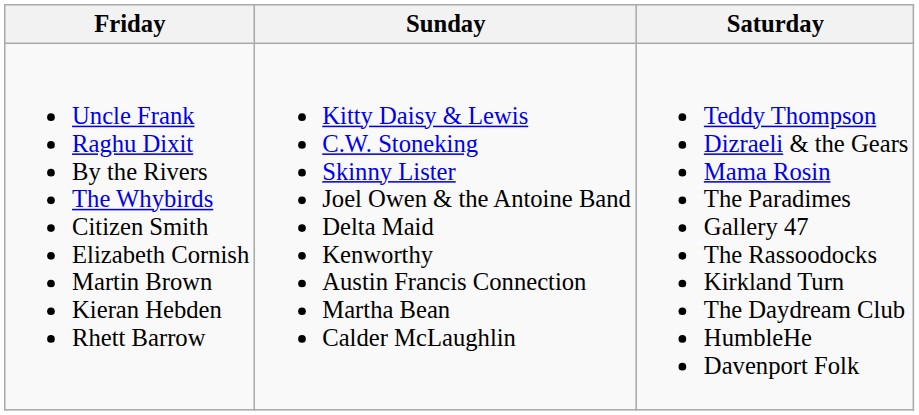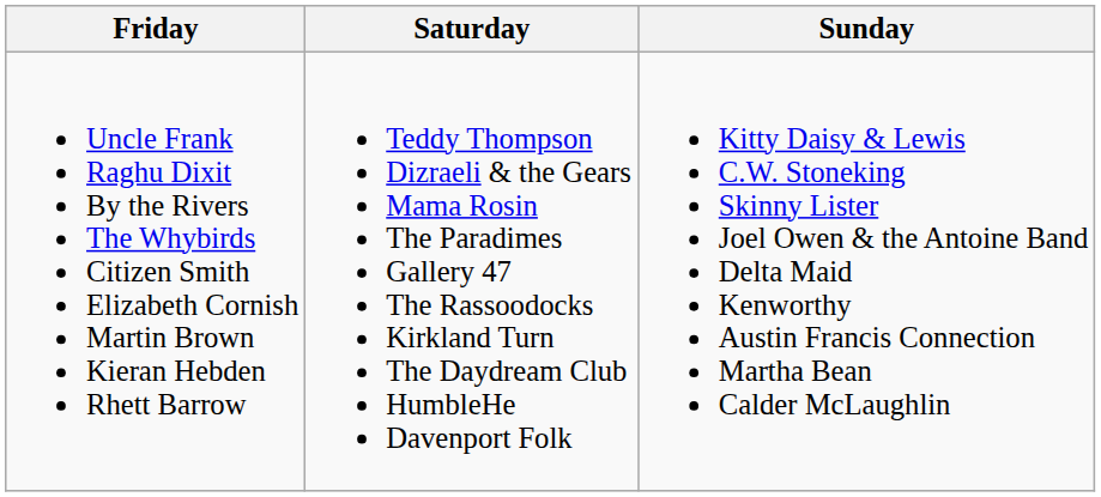 <table class="wikitable">
 <tr>
 <th>Friday</th>
+<th>Saturday</th>
 <th>Sunday</th>
-<th>Saturday</th>
 </tr>
 <tr>
 <td valign=top><br><ul><li><a href='#'>Uncle Frank</a></li><li><a href='#'>Raghu Dixit</a></li><li>By the Rivers</li><li><a href='#'>The Whybirds</a></li><li>Citizen Smith</li><li>Elizabeth Cornish</li><li>Martin Brown</li><li>Kieran Hebden</li><li>Rhett Barrow</li></ul></td>
+<td valign=top><br><ul><li><a href='#'>Teddy Thompson</a></li><li><a href='#'>Dizraeli</a> & the Gears</li><li><a href='#'>Mama Rosin</a></li><li>The Paradimes</li><li>Gallery 47</li><li>The Rassoodocks</li><li>Kirkland Turn</li><li>The Daydream Club</li><li>HumbleHe</li><li>Davenport Folk</li></ul></td>
 <td valign=top><br><ul><li><a href='#'>Kitty Daisy & Lewis</a></li><li><a href='#'>C.W. Stoneking</a></li><li><a href='#'>Skinny Lister</a></li><li>Joel Owen & the Antoine Band</li><li>Delta Maid</li><li>Kenworthy</li><li>Austin Francis Connection</li><li>Martha Bean</li><li>Calder McLaughlin</li></ul></td>
-<td valign=top><br><ul><li><a href='#'>Teddy Thompson</a></li><li><a href='#'>Dizraeli</a> & the Gears</li><li><a href='#'>Mama Rosin</a></li><li>The Paradimes</li><li>Gallery 47</li><li>The Rassoodocks</li><li>Kirkland Turn</li><li>The Daydream Club</li><li>HumbleHe</li><li>Davenport Folk</li></ul></td>
 </tr>
 </table>
